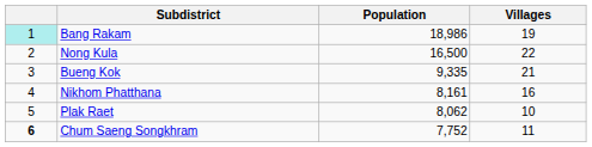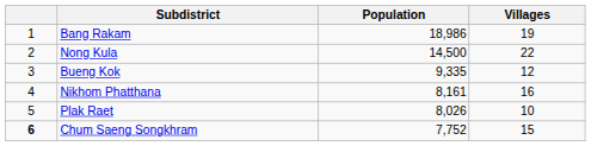 <table class="wikitable" style="width:48%; display:inline-table;">
 <tr>
 <th scope="col" style="width:9%;"> </th>
 <th scope="col" style="width:45%;">Subdistrict</th>
 <th scope="col" style="width:26%;">Population</th>
 <th scope="col" style="width:20%;">Villages</th>
 </tr>
 <tr>
-<td style="background: paleturquoise; text-align:center;">1</td>
+<td style="text-align:center;">1</td>
 <td><a href='#'>Bang Rakam</a></td>
 <td style="text-align:right;">18,986</td>
 <td style="text-align:center;">19</td>
 </tr>
 <tr>
 <td style="text-align:center;">2</td>
 <td><a href='#'>Nong Kula</a></td>
-<td style="text-align:right;">16,500</td>
+<td style="text-align:right;">14,500</td>
 <td style="text-align:center;">22</td>
 </tr>
 <tr>
 <td style="text-align:center;">3</td>
 <td><a href='#'>Bueng Kok</a></td>
 <td style="text-align:right;">9,335</td>
-<td style="text-align:center;">21</td>
+<td style="text-align:center;">12</td>
 </tr>
 <tr>
 <td style="text-align:center;">4</td>
 <td><a href='#'>Nikhom Phatthana</a></td>
 <td style="text-align:right;">8,161</td>
 <td style="text-align:center;">16</td>
 </tr>
 <tr>
 <td style="text-align:center;">5</td>
 <td><a href='#'>Plak Raet</a></td>
-<td style="text-align:right;">8,062</td>
+<td style="text-align:right;">8,026</td>
 <td style="text-align:center;">10</td>
 </tr>
 <tr>
 <td style="text-align:center;"><strong>6</strong></td>
 <td><a href='#'>Chum Saeng Songkhram</a></td>
 <td style="text-align:right;">7,752</td>
-<td style="text-align:center;">11</td>
+<td style="text-align:center;">15</td>
 </tr>
 </table>
